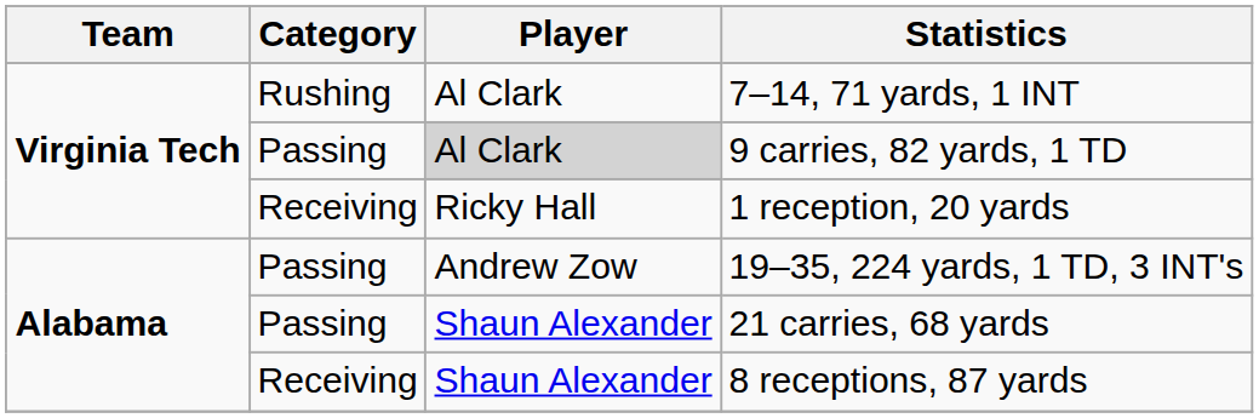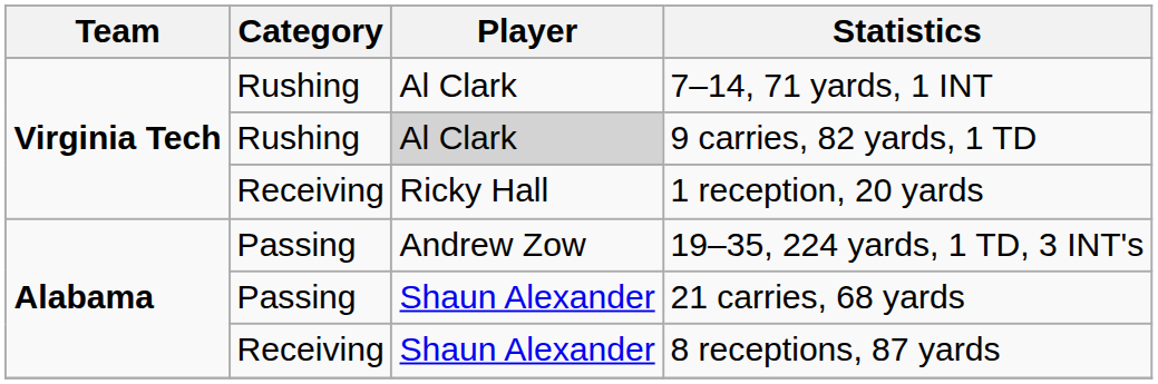 <table class="wikitable" style="float: right;">
 <tr>
 <th>Team</th>
 <th>Category</th>
 <th>Player</th>
 <th>Statistics</th>
 </tr>
 <tr>
 <td rowspan=3><strong>Virginia Tech</strong></td>
 <td>Rushing</td>
 <td>Al Clark</td>
 <td>7–14, 71 yards, 1 INT</td>
 </tr>
 <tr>
-<td>Passing</td>
+<td>Rushing</td>
 <td style="background: lightgrey;">Al Clark</td>
 <td>9 carries, 82 yards, 1 TD</td>
 </tr>
 <tr>
 <td>Receiving</td>
 <td>Ricky Hall</td>
 <td>1 reception, 20 yards</td>
 </tr>
 <tr>
 <td rowspan=3><strong>Alabama</strong></td>
 <td>Passing</td>
 <td>Andrew Zow</td>
 <td>19–35, 224 yards, 1 TD, 3 INT's</td>
 </tr>
 <tr>
 <td>Passing</td>
 <td><a href='#'>Shaun Alexander</a></td>
 <td>21 carries, 68 yards</td>
 </tr>
 <tr>
 <td>Receiving</td>
 <td><a href='#'>Shaun Alexander</a></td>
 <td>8 receptions, 87 yards</td>
 </tr>
 <tr>
 </tr>
 </table>
